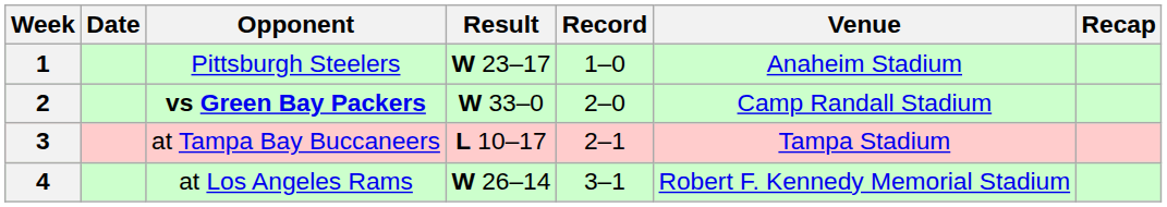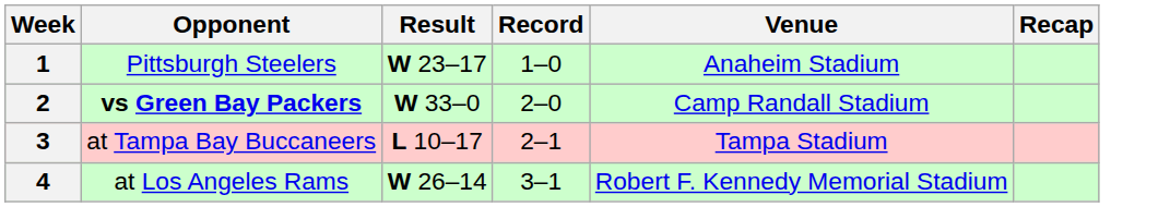 <table class="wikitable" style="text-align:center">
 <tr>
 <th>Week</th>
-<th>Date</th>
 <th>Opponent</th>
 <th>Result</th>
 <th>Record</th>
 <th>Venue</th>
 <th>Recap</th>
 </tr>
 <tr style="text-align:center; background:#cfc;">
 <th>1</th>
-<td></td>
 <td><a href='#'>Pittsburgh Steelers</a></td>
 <td><strong>W</strong> 23–17</td>
 <td>1–0</td>
 <td><a href='#'>Anaheim Stadium</a></td>
 <td></td>
 </tr>
 <tr style="text-align:center; background:#cfc;">
 <th>2</th>
-<td></td>
 <td><strong>vs <a href='#'>Green Bay Packers</a></strong></td>
 <td><strong>W</strong> 33–0</td>
 <td>2–0</td>
 <td><a href='#'>Camp Randall Stadium</a></td>
 <td></td>
 </tr>
 <tr style="text-align:center; background:#fcc;">
 <th>3</th>
-<td></td>
 <td>at <a href='#'>Tampa Bay Buccaneers</a></td>
 <td><strong>L</strong> 10–17</td>
 <td>2–1</td>
 <td><a href='#'>Tampa Stadium</a></td>
 <td></td>
 </tr>
 <tr style="text-align:center; background:#cfc;">
 <th>4</th>
-<td></td>
 <td>at <a href='#'>Los Angeles Rams</a></td>
 <td><strong>W</strong> 26–14</td>
 <td>3–1</td>
 <td><a href='#'>Robert F. Kennedy Memorial Stadium</a></td>
 <td></td>
 </tr>
 </table>
